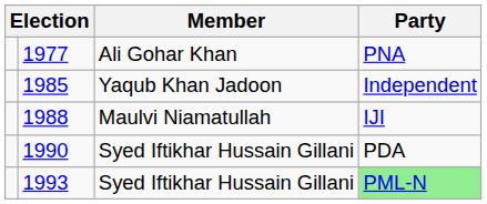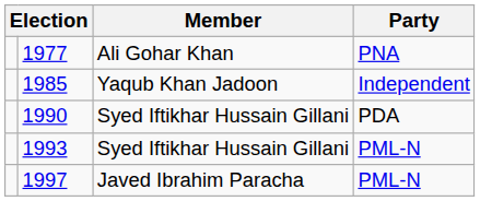 <table class="wikitable">
 <tr>
 <th colspan="2">Election</th>
 <th>Member</th>
 <th>Party</th>
 </tr>
 <tr>
 <td style="background-color: "></td>
 <td><a href='#'>1977</a></td>
 <td>Ali Gohar Khan</td>
 <td><a href='#'>PNA</a></td>
 </tr>
 <tr>
 <td style="background-color: "></td>
 <td><a href='#'>1985</a></td>
 <td>Yaqub Khan Jadoon</td>
 <td><a href='#'>Independent</a></td>
 </tr>
 <tr>
 <td style="background-color: "></td>
-<td><a href='#'>1988</a></td>
-<td>Maulvi Niamatullah</td>
-<td><a href='#'>IJI</a></td>
-</tr>
-<tr>
-<td style="background-color: "></td>
 <td><a href='#'>1990</a></td>
 <td>Syed Iftikhar Hussain Gillani</td>
 <td>PDA</td>
 </tr>
 <tr>
 <td style="background-color: "></td>
 <td><a href='#'>1993</a></td>
 <td>Syed Iftikhar Hussain Gillani</td>
-<td style="background: lightgreen;"><a href='#'>PML-N</a></td>
+<td><a href='#'>PML-N</a></td>
+</tr>
+<tr>
+<td style="background-color: "></td>
+<td><a href='#'>1997</a></td>
+<td>Javed Ibrahim Paracha</td>
+<td><a href='#'>PML-N</a></td>
 </tr>
 </table>
